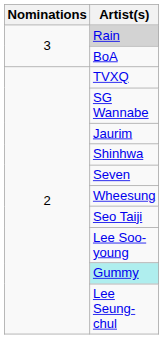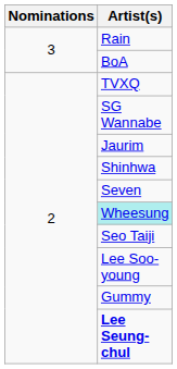 <table class="wikitable"  style="width:30%;">
 <tr>
 <th scope="col">Nominations</th>
 <th scope="col">Artist(s)</th>
 </tr>
 <tr>
 <td align=center rowspan=2>3</td>
-<td style="background: lightgrey;"><a href='#'>Rain</a></td>
+<td><a href='#'>Rain</a></td>
 </tr>
 <tr>
 <td><a href='#'>BoA</a></td>
 </tr>
 <tr>
 <td align=center rowspan=10>2</td>
 <td><a href='#'>TVXQ</a></td>
 </tr>
 <tr>
 <td><a href='#'>SG Wannabe</a></td>
 </tr>
 <tr>
 <td><a href='#'>Jaurim</a></td>
 </tr>
 <tr>
 <td><a href='#'>Shinhwa</a></td>
 </tr>
 <tr>
 <td><a href='#'>Seven</a></td>
 </tr>
 <tr>
-<td><a href='#'>Wheesung</a></td>
+<td style="background: paleturquoise;"><a href='#'>Wheesung</a></td>
 </tr>
 <tr>
 <td><a href='#'>Seo Taiji</a></td>
 </tr>
 <tr>
 <td><a href='#'>Lee Soo-young</a></td>
 </tr>
 <tr>
-<td style="background: paleturquoise;"><a href='#'>Gummy</a></td>
+<td><a href='#'>Gummy</a></td>
 </tr>
 <tr>
-<td><a href='#'>Lee Seung-chul</a></td>
+<td><strong><a href='#'>Lee Seung-chul</a></strong></td>
 </tr>
 </table>
